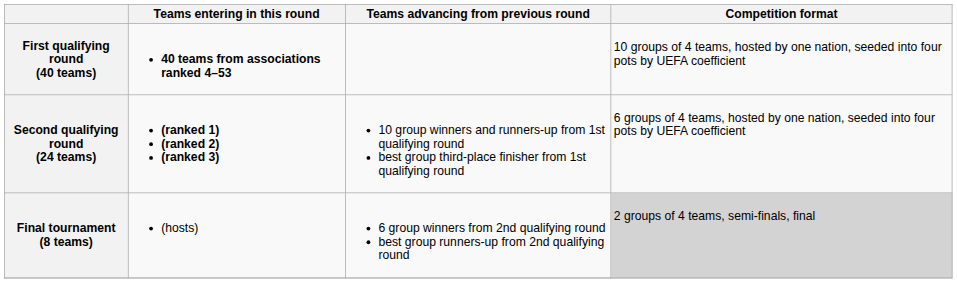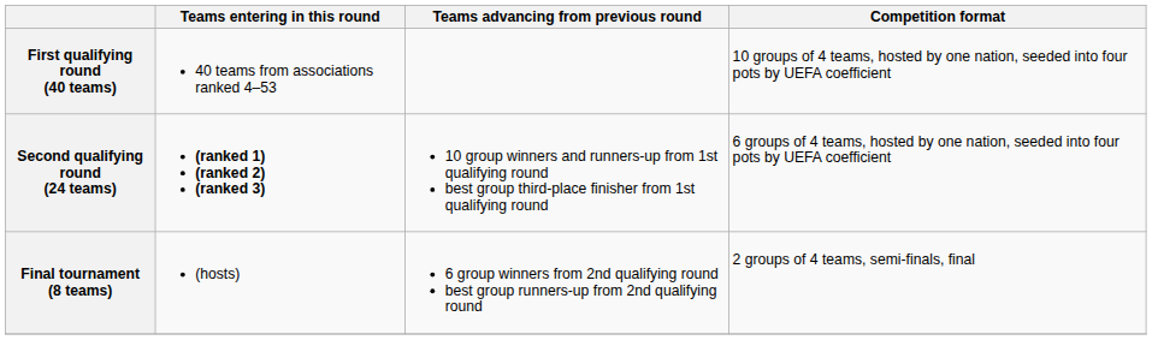 <table class="wikitable">
 <tr>
 <th></th>
 <th>Teams entering in this round</th>
 <th>Teams advancing from previous round</th>
 <th>Competition format</th>
 </tr>
 <tr valign="top">
 <th valign="middle">First qualifying round<br> (40 teams)</th>
-<td><strong><br><ul><li>40 teams from associations ranked 4–53</li></ul></strong></td>
+<td><br><ul><li>40 teams from associations ranked 4–53</li></ul></td>
 <td></td>
 <td><br>10 groups of 4 teams, hosted by one nation, seeded into four pots by UEFA coefficient</td>
 </tr>
 <tr valign="top">
 <th valign="middle">Second qualifying round<br> (24 teams)</th>
 <td><strong><br><ul><li> (ranked 1)</li><li> (ranked 2)</li><li> (ranked 3)</li></ul></strong></td>
 <td><br><ul><li>10 group winners and runners-up from 1st qualifying round</li><li>best group third-place finisher from 1st qualifying round</li></ul></td>
 <td><br>6 groups of 4 teams, hosted by one nation, seeded into four pots by UEFA coefficient</td>
 </tr>
 <tr valign="top">
 <th valign="middle">Final tournament<br> (8 teams)</th>
 <td><br><ul><li> (hosts)</li></ul></td>
 <td><br><ul><li>6 group winners from 2nd qualifying round</li><li>best group runners-up from 2nd qualifying round</li></ul></td>
-<td style="background: lightgrey;"><br>2 groups of 4 teams, semi-finals, final</td>
+<td><br>2 groups of 4 teams, semi-finals, final</td>
 </tr>
 <tr>
 </tr>
 </table>
